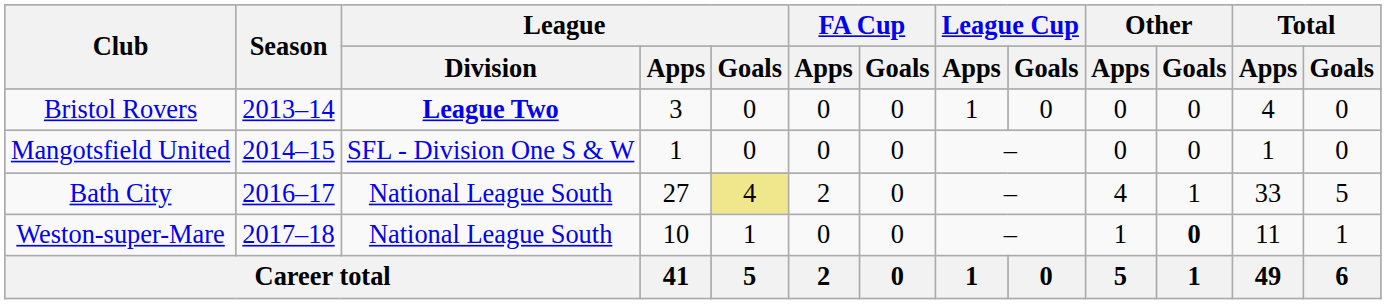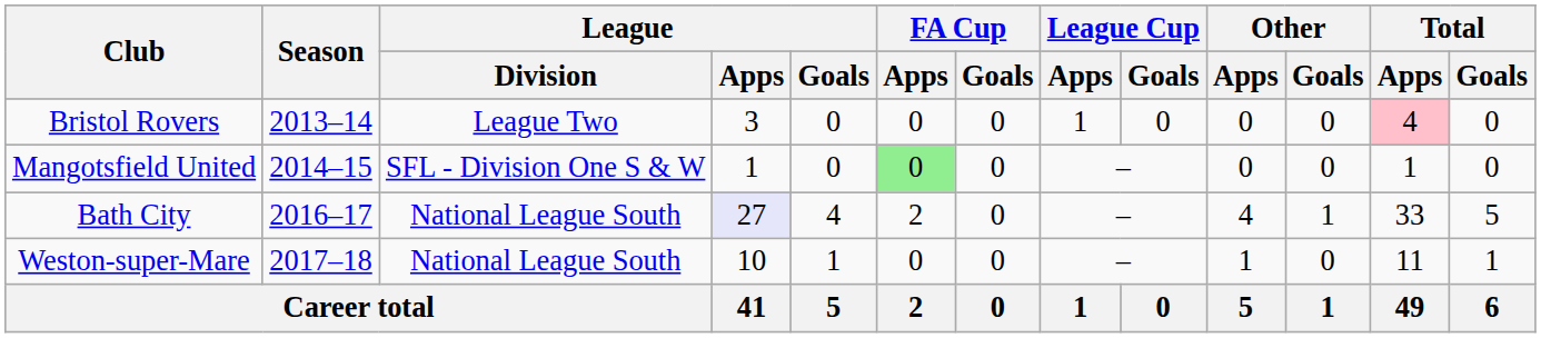 <table class="wikitable" style="text-align: center">
 <tr>
 <th rowspan="2">Club</th>
 <th rowspan="2">Season</th>
 <th colspan="3">League</th>
 <th colspan="2"><a href='#'>FA Cup</a></th>
 <th colspan="2"><a href='#'>League Cup</a></th>
 <th colspan="2">Other</th>
 <th colspan="2">Total</th>
 </tr>
 <tr>
 <th>Division</th>
 <th>Apps</th>
 <th>Goals</th>
 <th>Apps</th>
 <th>Goals</th>
 <th>Apps</th>
 <th>Goals</th>
 <th>Apps</th>
 <th>Goals</th>
 <th>Apps</th>
 <th>Goals</th>
 </tr>
 <tr>
 <td><a href='#'>Bristol Rovers</a></td>
 <td><a href='#'>2013–14</a></td>
-<td><strong><a href='#'>League Two</a></strong></td>
+<td><a href='#'>League Two</a></td>
 <td>3</td>
 <td>0</td>
 <td>0</td>
 <td>0</td>
 <td>1</td>
 <td>0</td>
 <td>0</td>
 <td>0</td>
-<td>4</td>
+<td style="background: pink;">4</td>
 <td>0</td>
 </tr>
 <tr>
 <td><a href='#'>Mangotsfield United</a></td>
 <td><a href='#'>2014–15</a></td>
 <td><a href='#'>SFL - Division One S & W</a></td>
 <td>1</td>
 <td>0</td>
-<td>0</td>
+<td style="background: lightgreen;">0</td>
 <td>0</td>
 <td colspan="2">–</td>
 <td>0</td>
 <td>0</td>
 <td>1</td>
 <td>0</td>
 </tr>
 <tr>
 <td><a href='#'>Bath City</a></td>
 <td><a href='#'>2016–17</a></td>
 <td><a href='#'>National League South</a></td>
-<td>27</td>
-<td style="background: khaki;">4</td>
+<td style="background: lavender;">27</td>
+<td>4</td>
 <td>2</td>
 <td>0</td>
 <td colspan="2">–</td>
 <td>4</td>
 <td>1</td>
 <td>33</td>
 <td>5</td>
 </tr>
 <tr>
 <td><a href='#'>Weston-super-Mare</a></td>
 <td><a href='#'>2017–18</a></td>
 <td><a href='#'>National League South</a></td>
 <td>10</td>
 <td>1</td>
 <td>0</td>
 <td>0</td>
 <td colspan="2">–</td>
 <td>1</td>
-<td><strong>0</strong></td>
+<td>0</td>
 <td>11</td>
 <td>1</td>
 </tr>
 <tr>
 <th colspan="3">Career total</th>
 <th>41</th>
 <th>5</th>
 <th>2</th>
 <th>0</th>
 <th>1</th>
 <th>0</th>
 <th>5</th>
 <th>1</th>
 <th>49</th>
 <th>6</th>
 </tr>
 </table>
